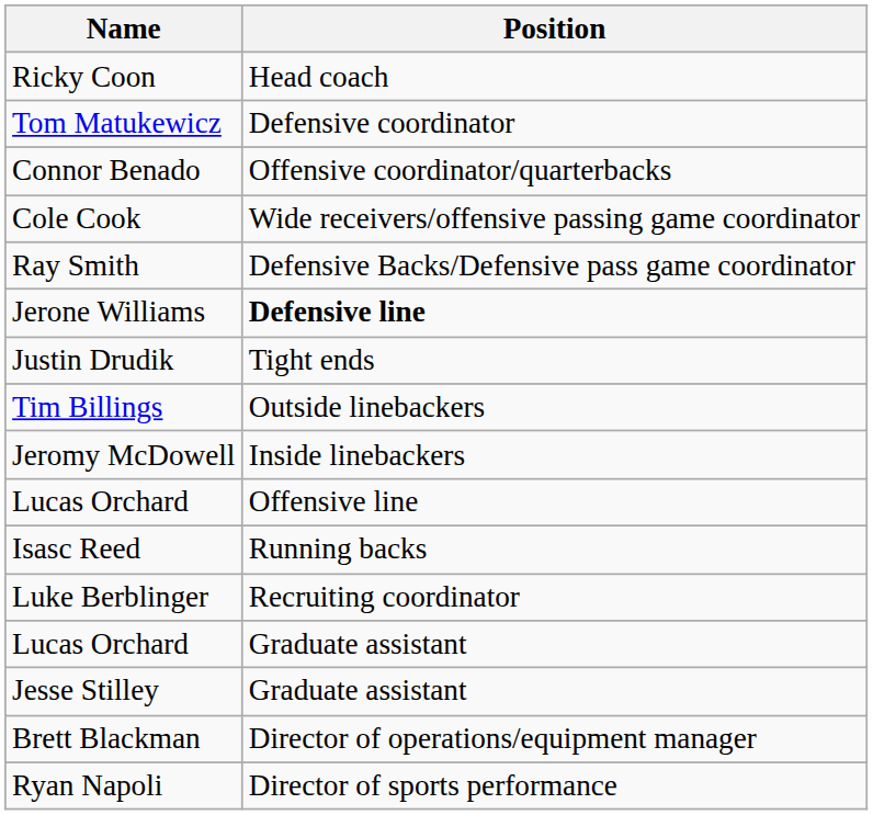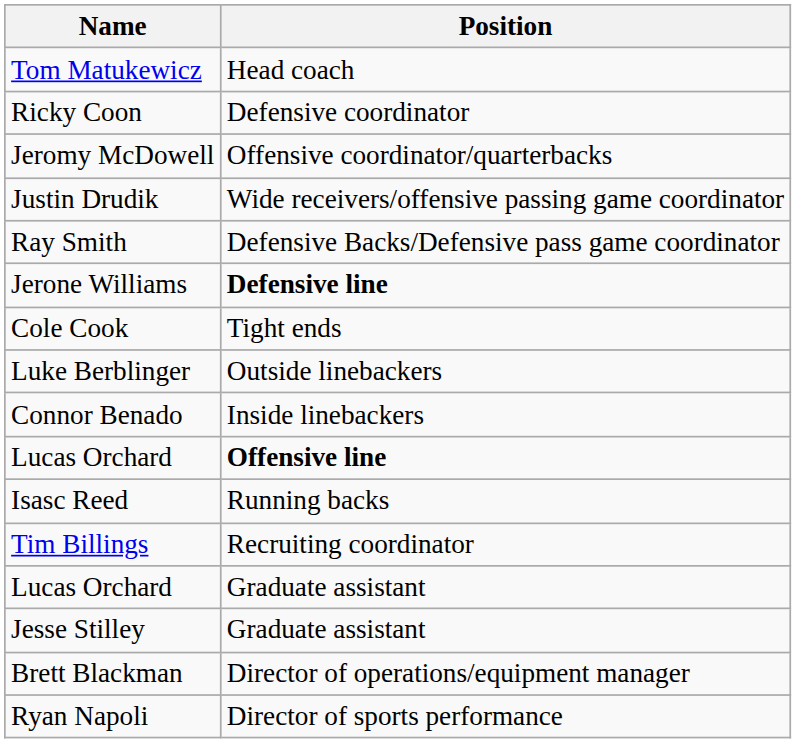 <table class="wikitable">
 <tr>
 <th>Name</th>
 <th>Position</th>
 </tr>
 <tr>
-<td>Ricky Coon</td>
+<td><a href='#'>Tom Matukewicz</a></td>
 <td>Head coach</td>
 </tr>
 <tr>
-<td><a href='#'>Tom Matukewicz</a></td>
+<td>Ricky Coon</td>
 <td>Defensive coordinator</td>
 </tr>
 <tr>
-<td>Connor Benado</td>
+<td>Jeromy McDowell</td>
 <td>Offensive coordinator/quarterbacks</td>
 </tr>
 <tr>
-<td>Cole Cook</td>
+<td>Justin Drudik</td>
 <td>Wide receivers/offensive passing game coordinator</td>
 </tr>
 <tr>
 <td>Ray Smith</td>
 <td>Defensive Backs/Defensive pass game coordinator</td>
 </tr>
 <tr>
 <td>Jerone Williams</td>
 <td><strong>Defensive line</strong></td>
 </tr>
 <tr>
-<td>Justin Drudik</td>
+<td>Cole Cook</td>
 <td>Tight ends</td>
 </tr>
 <tr>
-<td><a href='#'>Tim Billings</a></td>
+<td>Luke Berblinger</td>
 <td>Outside linebackers</td>
 </tr>
 <tr>
-<td>Jeromy McDowell</td>
+<td>Connor Benado</td>
 <td>Inside linebackers</td>
 </tr>
 <tr>
 <td>Lucas Orchard</td>
-<td>Offensive line</td>
+<td><strong>Offensive line</strong></td>
 </tr>
 <tr>
 <td>Isasc Reed</td>
 <td>Running backs</td>
 </tr>
 <tr>
-<td>Luke Berblinger</td>
+<td><a href='#'>Tim Billings</a></td>
 <td>Recruiting coordinator</td>
 </tr>
 <tr>
 <td>Lucas Orchard</td>
 <td>Graduate assistant</td>
 </tr>
 <tr>
 <td>Jesse Stilley</td>
 <td>Graduate assistant</td>
 </tr>
 <tr>
 <td>Brett Blackman</td>
 <td>Director of operations/equipment manager</td>
 </tr>
 <tr>
 <td>Ryan Napoli</td>
 <td>Director of sports performance</td>
 </tr>
 </table>
